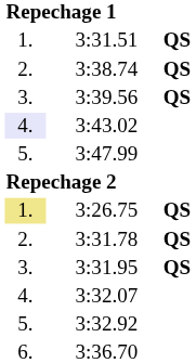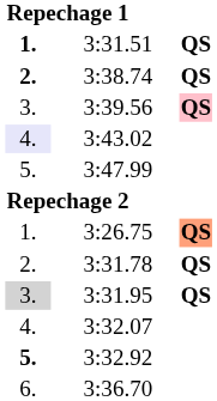 <table style="text-align:center">
 <tr>
 <td colspan=4 align=left><strong>Repechage 1</strong></td>
 </tr>
 <tr>
-<td width=30>1.</td>
+<td width=30><strong>1.</strong></td>
 <td align=left></td>
 <td width=80>3:31.51</td>
 <td><strong>QS</strong></td>
 </tr>
 <tr>
-<td>2.</td>
+<td><strong>2.</strong></td>
 <td align=left></td>
 <td>3:38.74</td>
 <td><strong>QS</strong></td>
 </tr>
 <tr>
 <td>3.</td>
 <td align=left></td>
 <td>3:39.56</td>
-<td><strong>QS</strong></td>
+<td style="background: pink;"><strong>QS</strong></td>
 </tr>
 <tr>
 <td style="background: lavender;">4.</td>
 <td align=left></td>
 <td>3:43.02</td>
 <td></td>
 </tr>
 <tr>
 <td>5.</td>
 <td align=left></td>
 <td>3:47.99</td>
 <td></td>
 </tr>
 <tr>
 <td colspan=4 align=left><strong>Repechage 2</strong></td>
 </tr>
 <tr>
-<td style="background: khaki;">1.</td>
+<td>1.</td>
 <td align=left></td>
 <td>3:26.75</td>
-<td><strong>QS</strong></td>
+<td style="background: lightsalmon;"><strong>QS</strong></td>
 </tr>
 <tr>
 <td>2.</td>
 <td align=left></td>
 <td>3:31.78</td>
 <td><strong>QS</strong></td>
 </tr>
 <tr>
-<td>3.</td>
+<td style="background: lightgrey;">3.</td>
 <td align=left></td>
 <td>3:31.95</td>
 <td><strong>QS</strong></td>
 </tr>
 <tr>
 <td>4.</td>
 <td align=left></td>
 <td>3:32.07</td>
 <td></td>
 </tr>
 <tr>
-<td>5.</td>
+<td><strong>5.</strong></td>
 <td align=left></td>
 <td>3:32.92</td>
 <td></td>
 </tr>
 <tr>
 <td>6.</td>
 <td align=left></td>
 <td>3:36.70</td>
 <td></td>
 </tr>
 </table>
